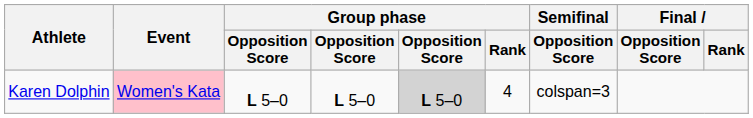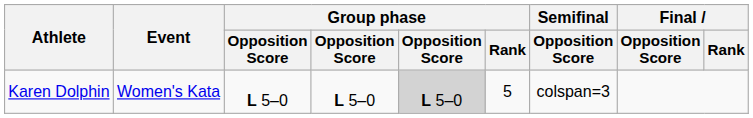 <table class="wikitable" style="font-size:90%">
 <tr>
 <th rowspan="2">Athlete</th>
 <th rowspan="2">Event</th>
 <th colspan="4">Group phase</th>
 <th>Semifinal</th>
 <th colspan=2>Final / </th>
 </tr>
 <tr style="font-size:95%">
 <th>Opposition <br> Score</th>
 <th>Opposition <br> Score</th>
 <th>Opposition <br> Score</th>
 <th>Rank</th>
 <th>Opposition <br> Score</th>
 <th>Opposition <br> Score</th>
 <th>Rank</th>
 </tr>
 <tr align=center>
 <td align=left><a href='#'>Karen Dolphin</a></td>
-<td align=left style="background: pink;"><a href='#'>Women's Kata</a></td>
+<td align=left><a href='#'>Women's Kata</a></td>
 <td><br><strong>L</strong> 5–0</td>
 <td><br><strong>L</strong> 5–0</td>
 <td style="background: lightgrey;"><br><strong>L</strong> 5–0</td>
-<td>4</td>
+<td>5</td>
 <td>colspan=3 </td>
 </tr>
 </table>
